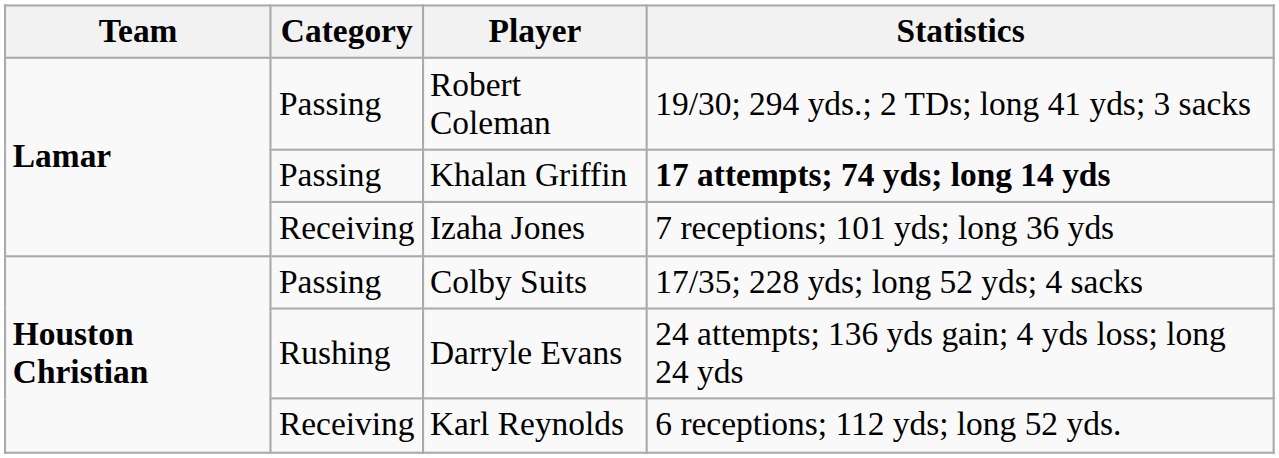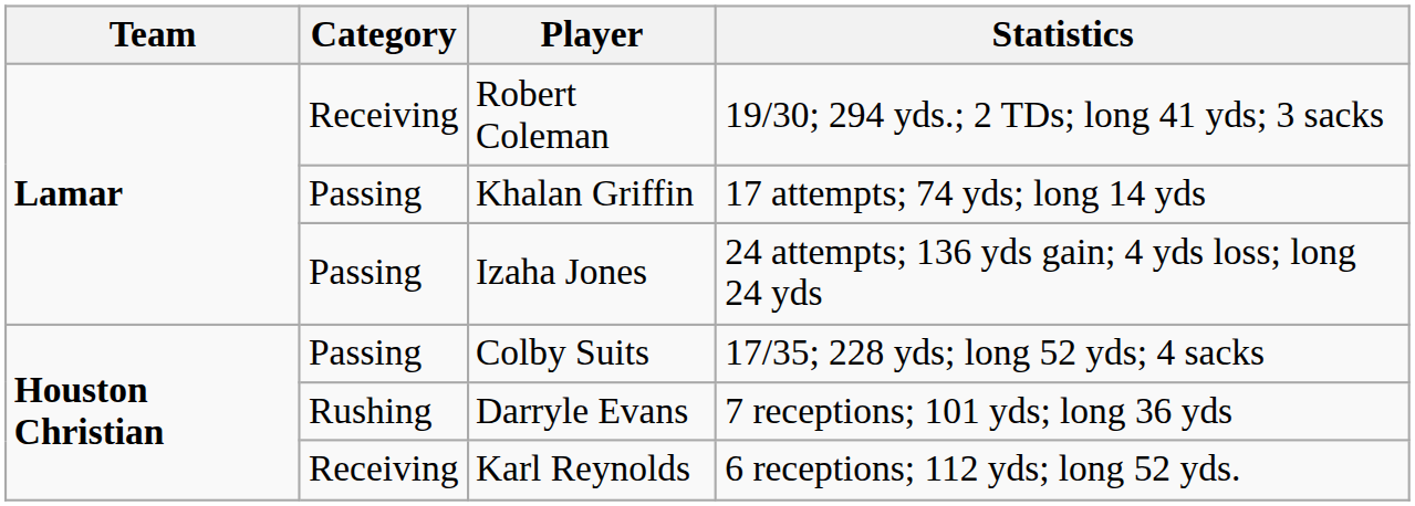 <table class="wikitable" style="float: right;">
 <tr>
 <th>Team</th>
 <th>Category</th>
 <th>Player</th>
 <th>Statistics</th>
 </tr>
 <tr>
 <td rowspan=3><strong>Lamar</strong></td>
-<td>Passing</td>
+<td>Receiving</td>
 <td>Robert Coleman</td>
 <td>19/30; 294 yds.; 2 TDs; long 41 yds; 3 sacks</td>
 </tr>
 <tr>
 <td>Passing</td>
 <td>Khalan Griffin</td>
-<td><strong>17 attempts; 74 yds; long 14 yds</strong></td>
+<td>17 attempts; 74 yds; long 14 yds</td>
 </tr>
 <tr>
-<td>Receiving</td>
+<td>Passing</td>
 <td>Izaha Jones</td>
-<td>7 receptions; 101 yds; long 36 yds</td>
+<td>24 attempts; 136 yds gain; 4 yds loss; long 24 yds</td>
 </tr>
 <tr>
 <td rowspan=3><strong>Houston Christian</strong></td>
 <td>Passing</td>
 <td>Colby Suits</td>
 <td>17/35; 228 yds; long 52 yds; 4 sacks</td>
 </tr>
 <tr>
 <td>Rushing</td>
 <td>Darryle Evans</td>
-<td>24 attempts; 136 yds gain; 4 yds loss; long 24 yds</td>
+<td>7 receptions; 101 yds; long 36 yds</td>
 </tr>
 <tr>
 <td>Receiving</td>
 <td>Karl Reynolds</td>
 <td>6 receptions; 112 yds; long 52 yds.</td>
 </tr>
 </table>
